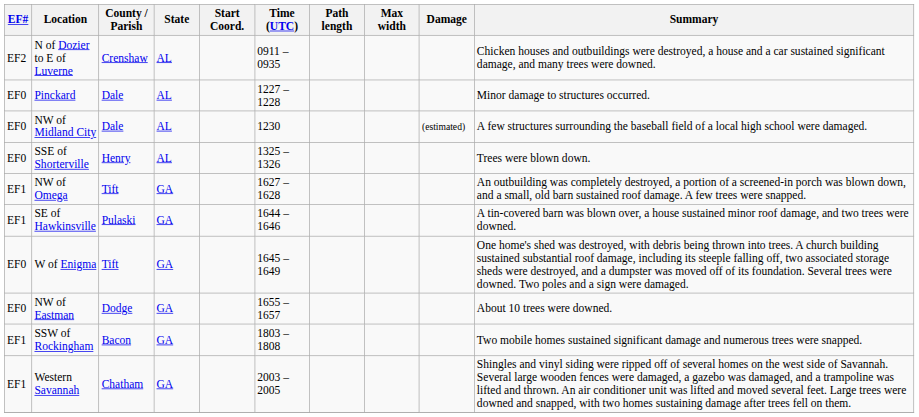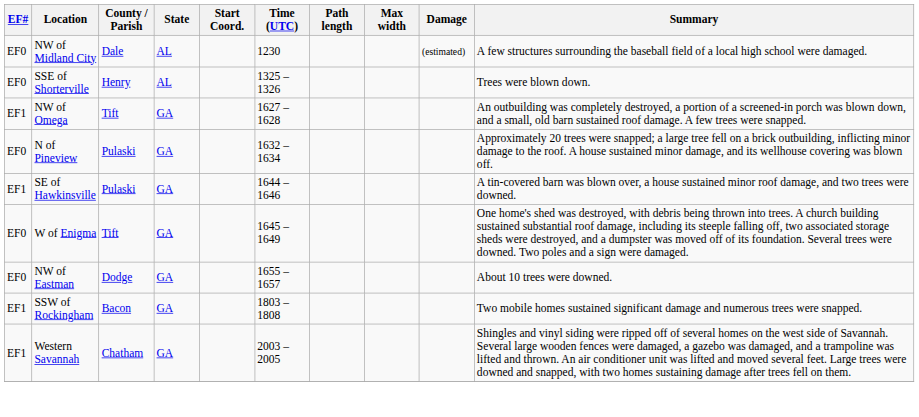 <table class="wikitable sortable" style="width:100%;">
 <tr>
 <th scope="col" width="3%" align="center"><a href='#'>EF#</a></th>
 <th scope="col" width="7%" align="center" class="unsortable">Location</th>
 <th scope="col" width="6%" align="center" class="unsortable">County / Parish</th>
 <th scope="col" width="5%" align="center">State</th>
 <th scope="col" width="6%" align="center">Start Coord.</th>
 <th scope="col" width="6%" align="center">Time (<a href='#'>UTC</a>)</th>
 <th scope="col" width="6%" align="center">Path length</th>
 <th scope="col" width="6%" align="center">Max width</th>
 <th scope="col" width="6%" align="center">Damage</th>
 <th scope="col" width="48%" class="unsortable" align="center">Summary</th>
-</tr>
-<tr>
-<td>EF2</td>
-<td>N of <a href='#'>Dozier</a> to E of <a href='#'>Luverne</a></td>
-<td><a href='#'>Crenshaw</a></td>
-<td><a href='#'>AL</a></td>
-<td></td>
-<td>0911 – 0935</td>
-<td></td>
-<td></td>
-<td></td>
-<td>Chicken houses and outbuildings were destroyed, a house and a car sustained significant damage, and many trees were downed.</td>
-</tr>
-<tr>
-<td>EF0</td>
-<td><a href='#'>Pinckard</a></td>
-<td><a href='#'>Dale</a></td>
-<td><a href='#'>AL</a></td>
-<td></td>
-<td>1227 – 1228</td>
-<td></td>
-<td></td>
-<td></td>
-<td>Minor damage to structures occurred.</td>
 </tr>
 <tr>
 <td>EF0</td>
 <td>NW of <a href='#'>Midland City</a></td>
 <td><a href='#'>Dale</a></td>
 <td><a href='#'>AL</a></td>
 <td></td>
 <td>1230</td>
 <td></td>
 <td></td>
 <td> <small>(estimated)</small></td>
 <td>A few structures surrounding the baseball field of a local high school were damaged.</td>
 </tr>
 <tr>
 <td>EF0</td>
 <td>SSE of <a href='#'>Shorterville</a></td>
 <td><a href='#'>Henry</a></td>
 <td><a href='#'>AL</a></td>
 <td></td>
 <td>1325 – 1326</td>
 <td></td>
 <td></td>
 <td></td>
 <td>Trees were blown down.</td>
 </tr>
 <tr>
 <td>EF1</td>
 <td>NW of <a href='#'>Omega</a></td>
 <td><a href='#'>Tift</a></td>
 <td><a href='#'>GA</a></td>
 <td></td>
 <td>1627 – 1628</td>
 <td></td>
 <td></td>
 <td></td>
 <td>An outbuilding was completely destroyed, a portion of a screened-in porch was blown down, and a small, old barn sustained roof damage. A few trees were snapped.</td>
+</tr>
+<tr>
+<td>EF0</td>
+<td>N of <a href='#'>Pineview</a></td>
+<td><a href='#'>Pulaski</a></td>
+<td><a href='#'>GA</a></td>
+<td></td>
+<td>1632 – 1634</td>
+<td></td>
+<td></td>
+<td></td>
+<td>Approximately 20 trees were snapped; a large tree fell on a brick outbuilding, inflicting minor damage to the roof. A house sustained minor damage, and its wellhouse covering was blown off.</td>
 </tr>
 <tr>
 <td>EF1</td>
 <td>SE of <a href='#'>Hawkinsville</a></td>
 <td><a href='#'>Pulaski</a></td>
 <td><a href='#'>GA</a></td>
 <td></td>
 <td>1644 – 1646</td>
 <td></td>
 <td></td>
 <td></td>
 <td>A tin-covered barn was blown over, a house sustained minor roof damage, and two trees were downed.</td>
 </tr>
 <tr>
 <td>EF0</td>
 <td>W of <a href='#'>Enigma</a></td>
 <td><a href='#'>Tift</a></td>
 <td><a href='#'>GA</a></td>
 <td></td>
 <td>1645 – 1649</td>
 <td></td>
 <td></td>
 <td></td>
 <td>One home's shed was destroyed, with debris being thrown into trees. A church building sustained substantial roof damage, including its steeple falling off, two associated storage sheds were destroyed, and a dumpster was moved off of its foundation. Several trees were downed. Two poles and a sign were damaged.</td>
 </tr>
 <tr>
 <td>EF0</td>
 <td>NW of <a href='#'>Eastman</a></td>
 <td><a href='#'>Dodge</a></td>
 <td><a href='#'>GA</a></td>
 <td></td>
 <td>1655 – 1657</td>
 <td></td>
 <td></td>
 <td></td>
 <td>About 10 trees were downed.</td>
 </tr>
 <tr>
 <td>EF1</td>
 <td>SSW of <a href='#'>Rockingham</a></td>
 <td><a href='#'>Bacon</a></td>
 <td><a href='#'>GA</a></td>
 <td></td>
 <td>1803 – 1808</td>
 <td></td>
 <td></td>
 <td></td>
 <td>Two mobile homes sustained significant damage and numerous trees were snapped.</td>
 </tr>
 <tr>
 <td>EF1</td>
 <td>Western <a href='#'>Savannah</a></td>
 <td><a href='#'>Chatham</a></td>
 <td><a href='#'>GA</a></td>
 <td></td>
 <td>2003 – 2005</td>
 <td></td>
 <td></td>
 <td></td>
 <td>Shingles and vinyl siding were ripped off of several homes on the west side of Savannah. Several large wooden fences were damaged, a gazebo was damaged, and a trampoline was lifted and thrown. An air conditioner unit was lifted and moved several feet. Large trees were downed and snapped, with two homes sustaining damage after trees fell on them.</td>
 </tr>
 <tr>
 </tr>
 </table>
